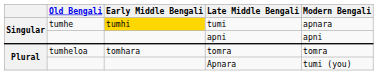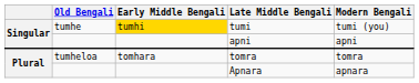 <table class="wikitable">
 <tr>
 <th></th>
 <th><a href='#'>Old Bengali</a></th>
 <th>Early Middle Bengali</th>
 <th>Late Middle Bengali</th>
 <th>Modern Bengali</th>
 </tr>
 <tr>
 <th rowspan="2">Singular</th>
 <td>tumhe</td>
 <td style="background: gold;">tumhi</td>
 <td>tumi</td>
-<td>apnara</td>
+<td>tumi (you)</td>
 </tr>
 <tr>
 <td></td>
 <td></td>
 <td>apni</td>
 <td>apni</td>
 </tr>
 <tr>
 </tr>
 <tr style="border-top:2px solid;">
 <th rowspan="2">Plural</th>
 <td>tumheloa</td>
 <td>tomhara</td>
 <td>tomra</td>
 <td>tomra</td>
 </tr>
 <tr>
 <td></td>
 <td></td>
 <td>Apnara</td>
-<td>tumi (you)</td>
+<td>apnara</td>
 </tr>
 </table>
